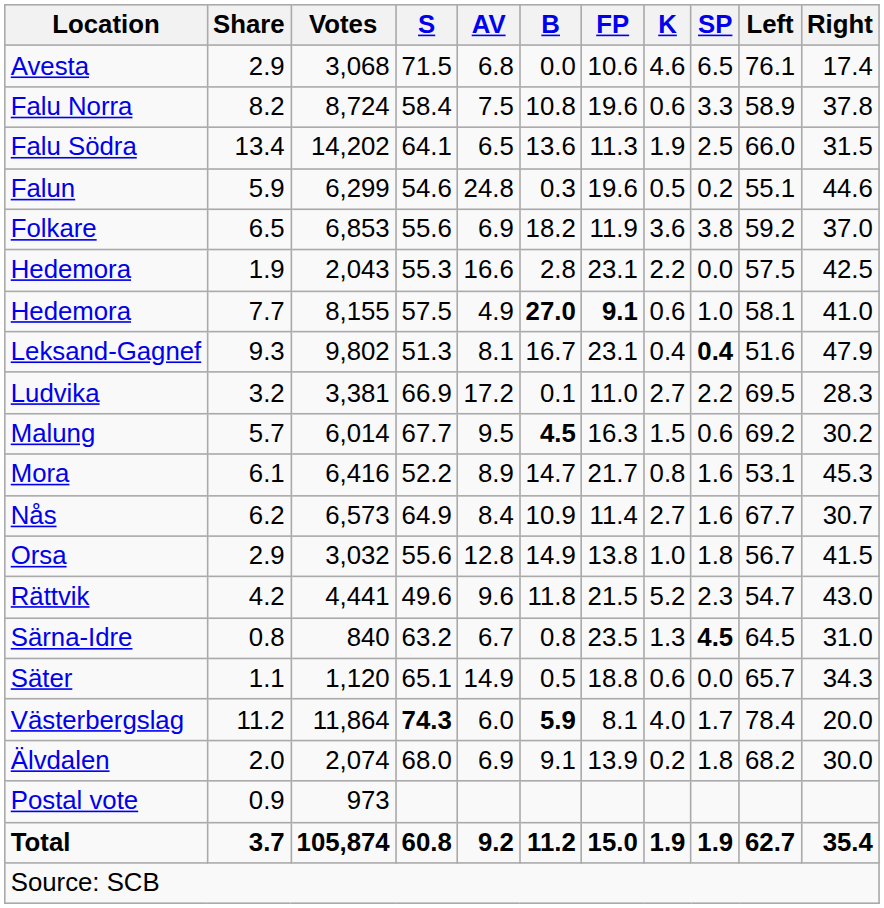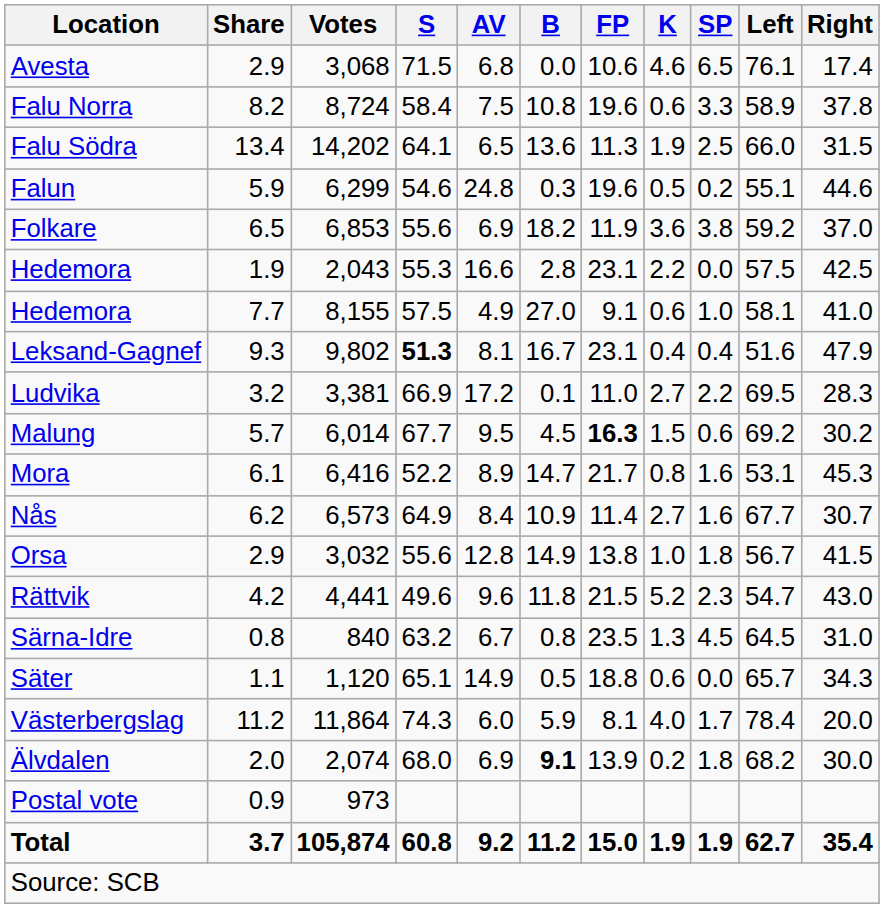 <table class="wikitable sortable" style=text-align:right>
 <tr>
 <th>Location</th>
 <th>Share</th>
 <th>Votes</th>
 <th><a href='#'>S</a></th>
 <th><a href='#'>AV</a></th>
 <th><a href='#'>B</a></th>
 <th><a href='#'>FP</a></th>
 <th><a href='#'>K</a></th>
 <th><a href='#'>SP</a></th>
 <th>Left</th>
 <th>Right</th>
 </tr>
 <tr>
 <td align=left><a href='#'>Avesta</a></td>
 <td>2.9</td>
 <td>3,068</td>
 <td>71.5</td>
 <td>6.8</td>
 <td>0.0</td>
 <td>10.6</td>
 <td>4.6</td>
 <td>6.5</td>
 <td>76.1</td>
 <td>17.4</td>
 </tr>
 <tr>
 <td align=left><a href='#'>Falu Norra</a></td>
 <td>8.2</td>
 <td>8,724</td>
 <td>58.4</td>
 <td>7.5</td>
 <td>10.8</td>
 <td>19.6</td>
 <td>0.6</td>
 <td>3.3</td>
 <td>58.9</td>
 <td>37.8</td>
 </tr>
 <tr>
 <td align=left><a href='#'>Falu Södra</a></td>
 <td>13.4</td>
 <td>14,202</td>
 <td>64.1</td>
 <td>6.5</td>
 <td>13.6</td>
 <td>11.3</td>
 <td>1.9</td>
 <td>2.5</td>
 <td>66.0</td>
 <td>31.5</td>
 </tr>
 <tr>
 <td align=left><a href='#'>Falun</a></td>
 <td>5.9</td>
 <td>6,299</td>
 <td>54.6</td>
 <td>24.8</td>
 <td>0.3</td>
 <td>19.6</td>
 <td>0.5</td>
 <td>0.2</td>
 <td>55.1</td>
 <td>44.6</td>
 </tr>
 <tr>
 <td align=left><a href='#'>Folkare</a></td>
 <td>6.5</td>
 <td>6,853</td>
 <td>55.6</td>
 <td>6.9</td>
 <td>18.2</td>
 <td>11.9</td>
 <td>3.6</td>
 <td>3.8</td>
 <td>59.2</td>
 <td>37.0</td>
 </tr>
 <tr>
 <td align=left><a href='#'>Hedemora</a></td>
 <td>1.9</td>
 <td>2,043</td>
 <td>55.3</td>
 <td>16.6</td>
 <td>2.8</td>
 <td>23.1</td>
 <td>2.2</td>
 <td>0.0</td>
 <td>57.5</td>
 <td>42.5</td>
 </tr>
 <tr>
 <td align=left><a href='#'>Hedemora</a></td>
 <td>7.7</td>
 <td>8,155</td>
 <td>57.5</td>
 <td>4.9</td>
-<td><strong>27.0</strong></td>
-<td><strong>9.1</strong></td>
+<td>27.0</td>
+<td>9.1</td>
 <td>0.6</td>
 <td>1.0</td>
 <td>58.1</td>
 <td>41.0</td>
 </tr>
 <tr>
 <td align=left><a href='#'>Leksand-Gagnef</a></td>
 <td>9.3</td>
 <td>9,802</td>
-<td>51.3</td>
+<td><strong>51.3</strong></td>
 <td>8.1</td>
 <td>16.7</td>
 <td>23.1</td>
 <td>0.4</td>
-<td><strong>0.4</strong></td>
+<td>0.4</td>
 <td>51.6</td>
 <td>47.9</td>
 </tr>
 <tr>
 <td align=left><a href='#'>Ludvika</a></td>
 <td>3.2</td>
 <td>3,381</td>
 <td>66.9</td>
 <td>17.2</td>
 <td>0.1</td>
 <td>11.0</td>
 <td>2.7</td>
 <td>2.2</td>
 <td>69.5</td>
 <td>28.3</td>
 </tr>
 <tr>
 <td align=left><a href='#'>Malung</a></td>
 <td>5.7</td>
 <td>6,014</td>
 <td>67.7</td>
 <td>9.5</td>
-<td><strong>4.5</strong></td>
-<td>16.3</td>
+<td>4.5</td>
+<td><strong>16.3</strong></td>
 <td>1.5</td>
 <td>0.6</td>
 <td>69.2</td>
 <td>30.2</td>
 </tr>
 <tr>
 <td align=left><a href='#'>Mora</a></td>
 <td>6.1</td>
 <td>6,416</td>
 <td>52.2</td>
 <td>8.9</td>
 <td>14.7</td>
 <td>21.7</td>
 <td>0.8</td>
 <td>1.6</td>
 <td>53.1</td>
 <td>45.3</td>
 </tr>
 <tr>
 <td align=left><a href='#'>Nås</a></td>
 <td>6.2</td>
 <td>6,573</td>
 <td>64.9</td>
 <td>8.4</td>
 <td>10.9</td>
 <td>11.4</td>
 <td>2.7</td>
 <td>1.6</td>
 <td>67.7</td>
 <td>30.7</td>
 </tr>
 <tr>
 <td align=left><a href='#'>Orsa</a></td>
 <td>2.9</td>
 <td>3,032</td>
 <td>55.6</td>
 <td>12.8</td>
 <td>14.9</td>
 <td>13.8</td>
 <td>1.0</td>
 <td>1.8</td>
 <td>56.7</td>
 <td>41.5</td>
 </tr>
 <tr>
 <td align=left><a href='#'>Rättvik</a></td>
 <td>4.2</td>
 <td>4,441</td>
 <td>49.6</td>
 <td>9.6</td>
 <td>11.8</td>
 <td>21.5</td>
 <td>5.2</td>
 <td>2.3</td>
 <td>54.7</td>
 <td>43.0</td>
 </tr>
 <tr>
 <td align=left><a href='#'>Särna-Idre</a></td>
 <td>0.8</td>
 <td>840</td>
 <td>63.2</td>
 <td>6.7</td>
 <td>0.8</td>
 <td>23.5</td>
 <td>1.3</td>
-<td><strong>4.5</strong></td>
+<td>4.5</td>
 <td>64.5</td>
 <td>31.0</td>
 </tr>
 <tr>
 <td align=left><a href='#'>Säter</a></td>
 <td>1.1</td>
 <td>1,120</td>
 <td>65.1</td>
 <td>14.9</td>
 <td>0.5</td>
 <td>18.8</td>
 <td>0.6</td>
 <td>0.0</td>
 <td>65.7</td>
 <td>34.3</td>
 </tr>
 <tr>
 <td align=left><a href='#'>Västerbergslag</a></td>
 <td>11.2</td>
 <td>11,864</td>
-<td><strong>74.3</strong></td>
+<td>74.3</td>
 <td>6.0</td>
-<td><strong>5.9</strong></td>
+<td>5.9</td>
 <td>8.1</td>
 <td>4.0</td>
 <td>1.7</td>
 <td>78.4</td>
 <td>20.0</td>
 </tr>
 <tr>
 <td align=left><a href='#'>Älvdalen</a></td>
 <td>2.0</td>
 <td>2,074</td>
 <td>68.0</td>
 <td>6.9</td>
-<td>9.1</td>
+<td><strong>9.1</strong></td>
 <td>13.9</td>
 <td>0.2</td>
 <td>1.8</td>
 <td>68.2</td>
 <td>30.0</td>
 </tr>
 <tr>
 <td align=left><a href='#'>Postal vote</a></td>
 <td>0.9</td>
 <td>973</td>
 <td></td>
 <td></td>
 <td></td>
 <td></td>
 <td></td>
 <td></td>
 <td></td>
 <td></td>
 </tr>
 <tr>
 <td align=left><strong>Total</strong></td>
 <td><strong>3.7</strong></td>
 <td><strong>105,874</strong></td>
 <td><strong>60.8</strong></td>
 <td><strong>9.2</strong></td>
 <td><strong>11.2</strong></td>
 <td><strong>15.0</strong></td>
 <td><strong>1.9</strong></td>
 <td><strong>1.9</strong></td>
 <td><strong>62.7</strong></td>
 <td><strong>35.4</strong></td>
 </tr>
 <tr>
 <td align=left colspan=11>Source: SCB </td>
 </tr>
 </table>
